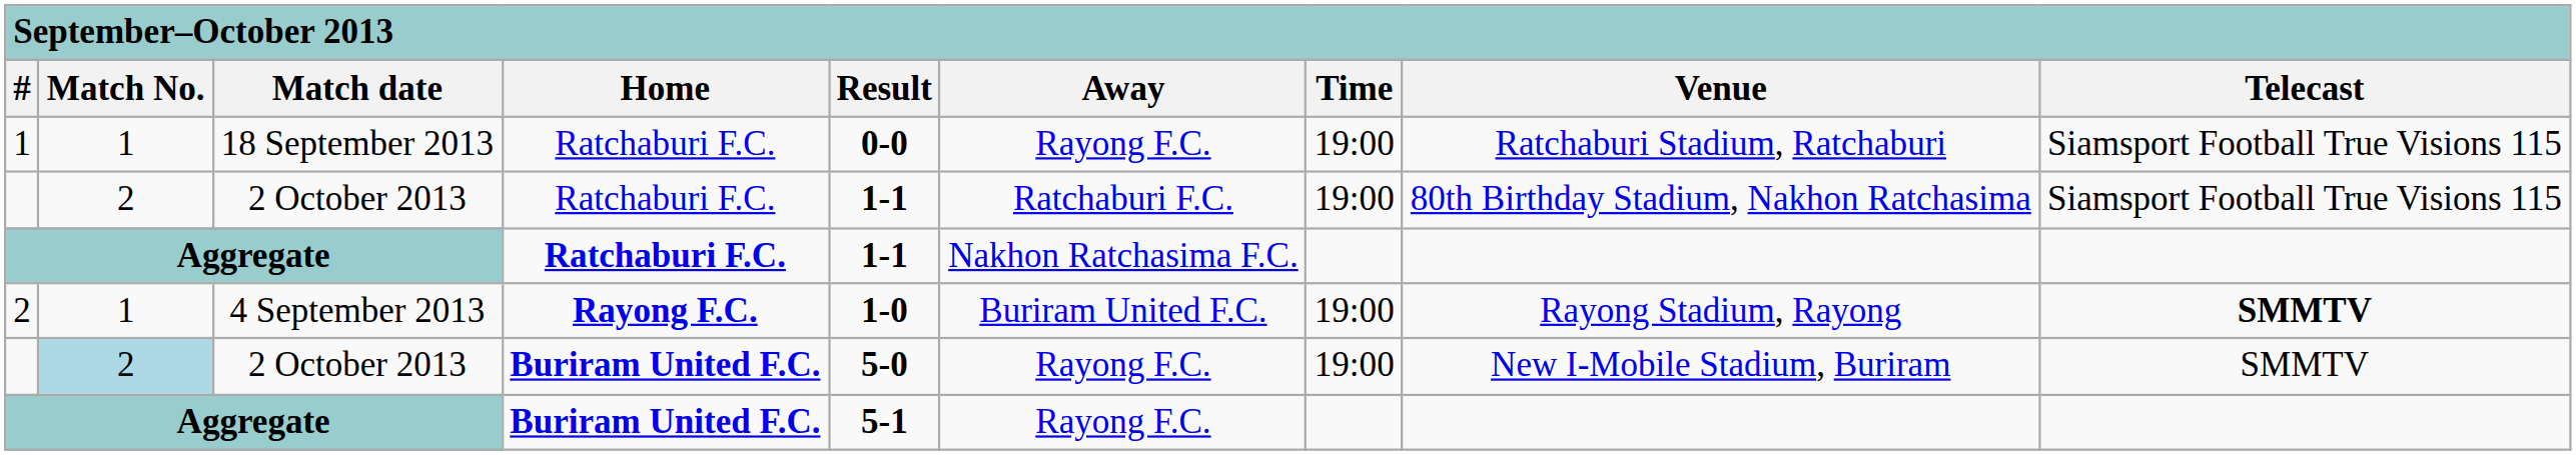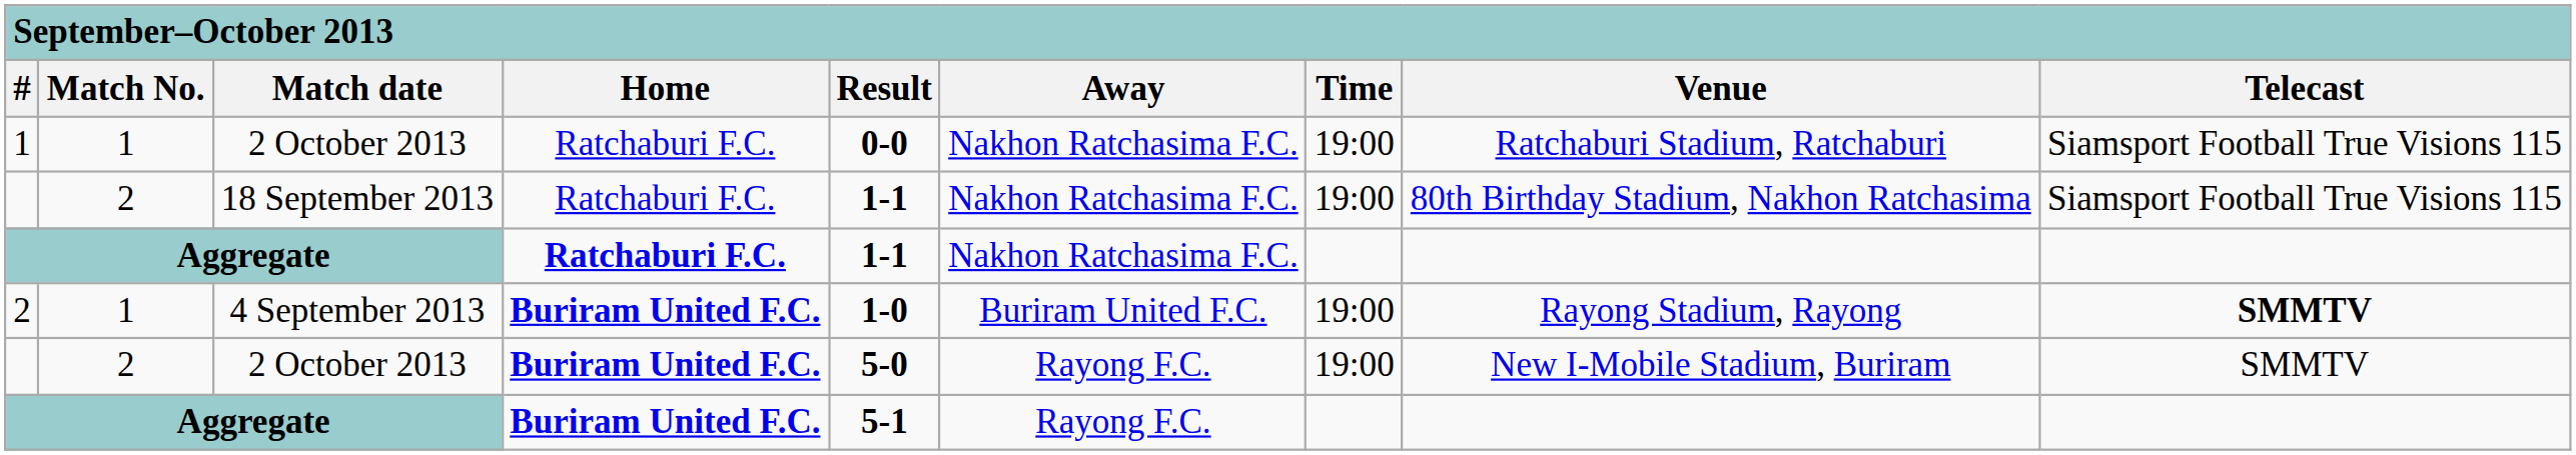 <table class="wikitable">
 <tr>
 <td colspan="9" style="background-color:#99CCCC"><strong> September–October 2013 </strong></td>
 </tr>
 <tr>
 <th>#</th>
 <th>Match No.</th>
 <th>Match date</th>
 <th>Home</th>
 <th>Result</th>
 <th>Away</th>
 <th>Time</th>
 <th>Venue</th>
 <th>Telecast</th>
 </tr>
 <tr align=center>
 <td>1</td>
 <td>1</td>
-<td>18 September 2013</td>
+<td>2 October 2013</td>
 <td><a href='#'>Ratchaburi F.C.</a></td>
 <td><strong>0-0</strong></td>
-<td><a href='#'>Rayong F.C.</a></td>
+<td><a href='#'>Nakhon Ratchasima F.C.</a></td>
 <td>19:00</td>
 <td><a href='#'>Ratchaburi Stadium</a>, <a href='#'>Ratchaburi</a></td>
 <td>Siamsport Football True Visions 115</td>
 </tr>
 <tr align=center>
 <td></td>
 <td>2</td>
-<td>2 October 2013</td>
+<td>18 September 2013</td>
 <td><a href='#'>Ratchaburi F.C.</a></td>
 <td><strong>1-1</strong></td>
-<td><a href='#'>Ratchaburi F.C.</a></td>
+<td><a href='#'>Nakhon Ratchasima F.C.</a></td>
 <td>19:00</td>
 <td><a href='#'>80th Birthday Stadium</a>, <a href='#'>Nakhon Ratchasima</a></td>
 <td>Siamsport Football True Visions 115</td>
 </tr>
 <tr align=center>
 <td colspan="3" style="background-color:#99CCCC"><strong>Aggregate</strong></td>
 <td><strong><a href='#'>Ratchaburi F.C.</a></strong></td>
 <td><strong>1-1</strong></td>
 <td><a href='#'>Nakhon Ratchasima F.C.</a></td>
 <td></td>
 <td></td>
 <td></td>
 </tr>
 <tr align=center>
 <td>2</td>
 <td>1</td>
 <td>4 September 2013</td>
-<td><strong><a href='#'>Rayong F.C.</a></strong></td>
+<td><strong><a href='#'>Buriram United F.C.</a></strong></td>
 <td><strong>1-0</strong></td>
 <td><a href='#'>Buriram United F.C.</a></td>
 <td>19:00</td>
 <td><a href='#'>Rayong Stadium</a>, <a href='#'>Rayong</a></td>
 <td><strong>SMMTV</strong></td>
 </tr>
 <tr align=center>
 <td></td>
-<td style="background: lightblue;">2</td>
+<td>2</td>
 <td>2 October 2013</td>
 <td><strong><a href='#'>Buriram United F.C.</a></strong></td>
 <td><strong>5-0</strong></td>
 <td><a href='#'>Rayong F.C.</a></td>
 <td>19:00</td>
 <td><a href='#'>New I-Mobile Stadium</a>, <a href='#'>Buriram</a></td>
 <td>SMMTV</td>
 </tr>
 <tr align=center>
 <td colspan="3" style="background-color:#99CCCC"><strong>Aggregate</strong></td>
 <td><strong><a href='#'>Buriram United F.C.</a></strong></td>
 <td><strong>5-1</strong></td>
 <td><a href='#'>Rayong F.C.</a></td>
 <td></td>
 <td></td>
 <td></td>
 </tr>
 </table>
